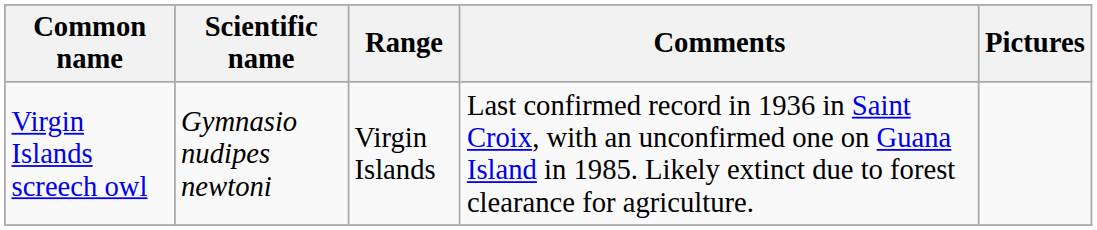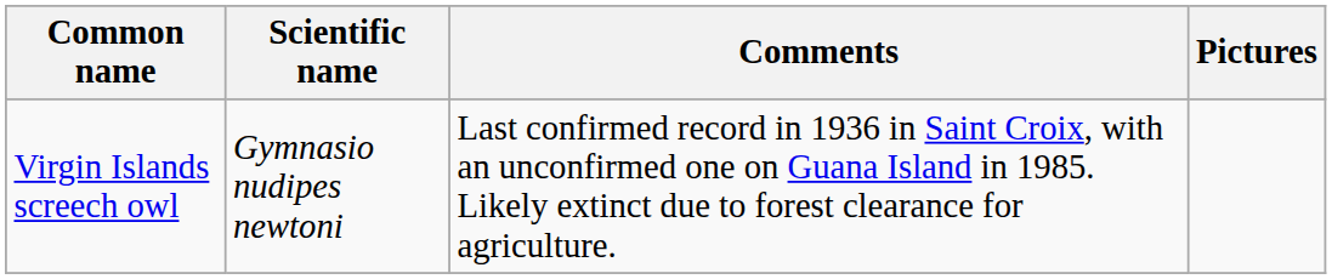 <table class="wikitable">
 <tr>
 <th>Common name</th>
 <th>Scientific name</th>
-<th>Range</th>
 <th class="unsortable">Comments</th>
 <th>Pictures</th>
 </tr>
 <tr>
 <td><a href='#'>Virgin Islands screech owl</a></td>
 <td><em>Gymnasio nudipes newtoni</em></td>
-<td>Virgin Islands</td>
 <td>Last confirmed record in 1936 in <a href='#'>Saint Croix</a>, with an unconfirmed one on <a href='#'>Guana Island</a> in 1985. Likely extinct due to forest clearance for agriculture.</td>
 <td></td>
 </tr>
 </table>
